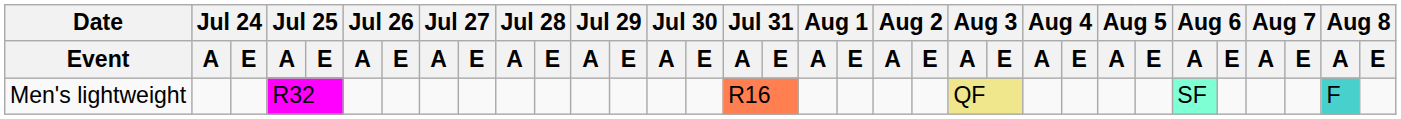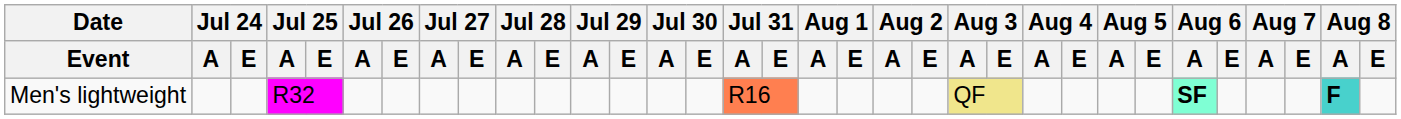 <table class="wikitable olympic-schedule Boxing">
 <tr>
 <th>Date</th>
 <th colspan="2">Jul 24</th>
 <th colspan="2">Jul 25</th>
 <th colspan="2">Jul 26</th>
 <th colspan="2">Jul 27</th>
 <th colspan="2">Jul 28</th>
 <th colspan="2">Jul 29</th>
 <th colspan="2">Jul 30</th>
 <th colspan="2">Jul 31</th>
 <th colspan="2">Aug 1</th>
 <th colspan="2">Aug 2</th>
 <th colspan="2">Aug 3</th>
 <th colspan="2">Aug 4</th>
 <th colspan="2">Aug 5</th>
 <th colspan="2">Aug 6</th>
 <th colspan="2">Aug 7</th>
 <th colspan="2">Aug 8</th>
 </tr>
 <tr>
 <th>Event</th>
 <th>A</th>
 <th>E</th>
 <th>A</th>
 <th>E</th>
 <th>A</th>
 <th>E</th>
 <th>A</th>
 <th>E</th>
 <th>A</th>
 <th>E</th>
 <th>A</th>
 <th>E</th>
 <th>A</th>
 <th>E</th>
 <th>A</th>
 <th>E</th>
 <th>A</th>
 <th>E</th>
 <th>A</th>
 <th>E</th>
 <th>A</th>
 <th>E</th>
 <th>A</th>
 <th>E</th>
 <th>A</th>
 <th>E</th>
 <th>A</th>
 <th>E</th>
 <th>A</th>
 <th>E</th>
 <th>A</th>
 <th>E</th>
 </tr>
 <tr>
 <td class="event">Men's lightweight</td>
 <td></td>
 <td></td>
 <td colspan="2" bgcolor="#FF00FF" class="roundof32">R32</td>
 <td></td>
 <td></td>
 <td></td>
 <td></td>
 <td></td>
 <td></td>
 <td></td>
 <td></td>
 <td></td>
 <td></td>
 <td colspan="2" bgcolor="#FF7F50" class="roundof16">R16</td>
 <td></td>
 <td></td>
 <td></td>
 <td></td>
 <td colspan="2" bgcolor="#F0E68C" class="quarterfinals">QF</td>
 <td></td>
 <td></td>
 <td></td>
 <td></td>
-<td bgcolor="#7FFFD4" class="semifinals">SF</td>
+<td bgcolor="#7FFFD4" class="semifinals"><strong>SF</strong></td>
 <td></td>
 <td></td>
 <td></td>
-<td bgcolor="#48D1CC" class="final">F</td>
+<td bgcolor="#48D1CC" class="final"><strong>F</strong></td>
 <td></td>
 </tr>
 </table>
